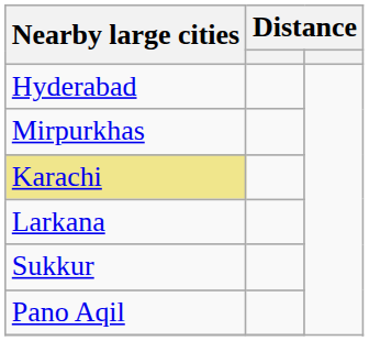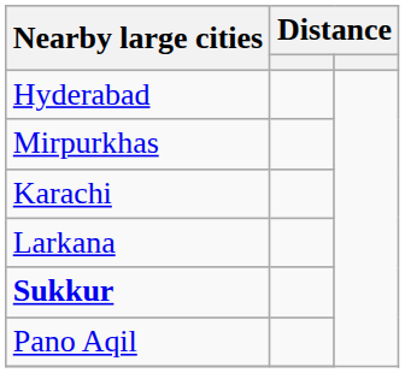 <table class="wikitable">
 <tr>
 <th rowspan=2>Nearby large cities</th>
 <th colspan=2>Distance</th>
 </tr>
 <tr>
 <th></th>
 <th></th>
 </tr>
 <tr>
 <td><a href='#'>Hyderabad</a></td>
 <td></td>
 </tr>
 <tr>
 <td><a href='#'>Mirpurkhas</a></td>
 <td></td>
 </tr>
 <tr>
-<td style="background: khaki;"><a href='#'>Karachi</a></td>
+<td><a href='#'>Karachi</a></td>
 <td></td>
 </tr>
 <tr>
 <td><a href='#'>Larkana</a></td>
 <td></td>
 </tr>
 <tr>
-<td><a href='#'>Sukkur</a></td>
+<td><strong><a href='#'>Sukkur</a></strong></td>
 <td></td>
 </tr>
 <tr>
 <td><a href='#'>Pano Aqil</a></td>
 <td></td>
 </tr>
 <tr>
 </tr>
 </table>
